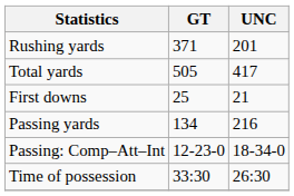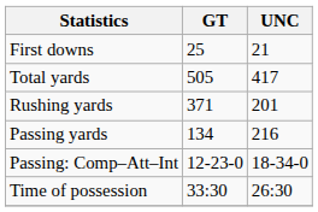 <table class="wikitable" style="float: left;">
 <tr>
 <th>Statistics</th>
 <th>GT</th>
 <th>UNC</th>
 </tr>
 <tr>
-<td>Rushing yards</td>
-<td>371</td>
-<td>201</td>
+<td>First downs</td>
+<td>25</td>
+<td>21</td>
 </tr>
 <tr>
 <td>Total yards</td>
 <td>505</td>
 <td>417</td>
 </tr>
 <tr>
-<td>First downs</td>
-<td>25</td>
-<td>21</td>
+<td>Rushing yards</td>
+<td>371</td>
+<td>201</td>
 </tr>
 <tr>
 <td>Passing yards</td>
 <td>134</td>
 <td>216</td>
 </tr>
 <tr>
 <td>Passing: Comp–Att–Int</td>
 <td>12-23-0</td>
 <td>18-34-0</td>
 </tr>
 <tr>
 <td>Time of possession</td>
 <td>33:30</td>
 <td>26:30</td>
 </tr>
 <tr>
 </tr>
 </table>
